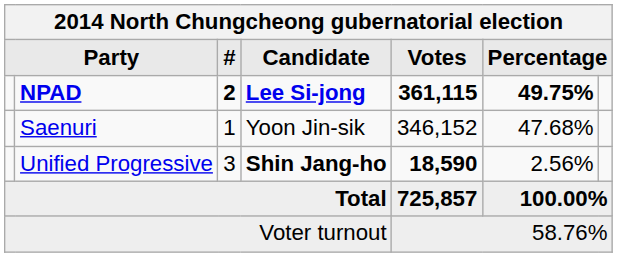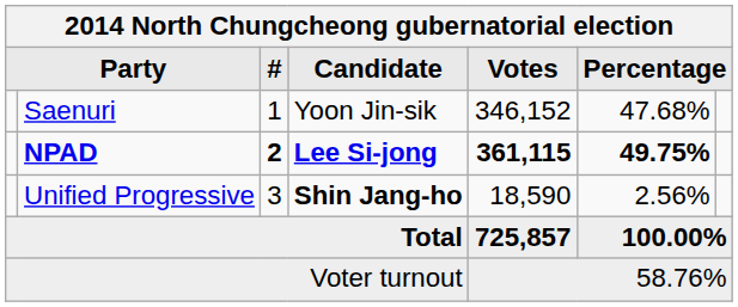 <table class="wikitable">
 <tr>
 <th colspan="7">2014 North Chungcheong gubernatorial election</th>
 </tr>
 <tr>
 <th style="background-color:#E9E9E9" colspan=2>Party</th>
 <th style="background-color:#E9E9E9">#</th>
 <th style="background-color:#E9E9E9">Candidate</th>
 <th style="background-color:#E9E9E9">Votes</th>
 <th style="background-color:#E9E9E9" colspan=2>Percentage</th>
+</tr>
+<tr>
+<td></td>
+<td align=left><a href='#'>Saenuri</a></td>
+<td align=center>1</td>
+<td align=left>Yoon Jin-sik</td>
+<td align=right>346,152</td>
+<td align=right>47.68%</td>
+<td align=right></td>
 </tr>
 <tr style="font-weight:bold">
 <td></td>
 <td align=left><a href='#'>NPAD</a></td>
 <td align=center>2</td>
 <td align=left><a href='#'>Lee Si-jong</a></td>
 <td align=right>361,115</td>
 <td align=right>49.75%</td>
 <td align=right></td>
 </tr>
 <tr>
 <td></td>
-<td align=left><a href='#'>Saenuri</a></td>
-<td align=center>1</td>
-<td align=left>Yoon Jin-sik</td>
-<td align=right>346,152</td>
-<td align=right>47.68%</td>
-<td align=right></td>
-</tr>
-<tr>
-<td></td>
 <td align=left><a href='#'>Unified Progressive</a></td>
 <td align=center>3</td>
 <td align=left><strong>Shin Jang-ho</strong></td>
-<td align=right><strong>18,590</strong></td>
+<td align=right>18,590</td>
 <td align=right>2.56%</td>
 <td align=right></td>
 </tr>
 <tr bgcolor="#EEEEEE" style="font-weight:bold">
 <td colspan="4" align=right>Total</td>
 <td align=right>725,857</td>
 <td align=right colspan=2>100.00%</td>
 </tr>
 <tr bgcolor="#EEEEEE">
 <td colspan="4" align="right">Voter turnout</td>
 <td colspan="3" align="right">58.76%</td>
 </tr>
 </table>
